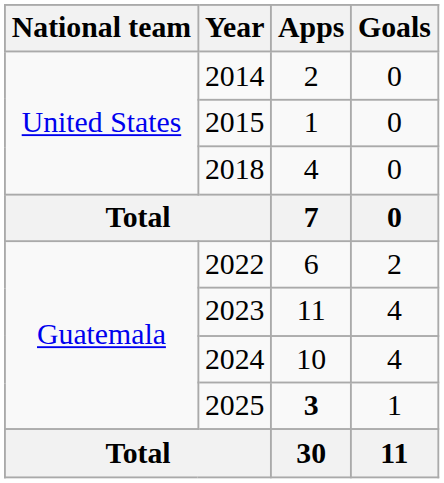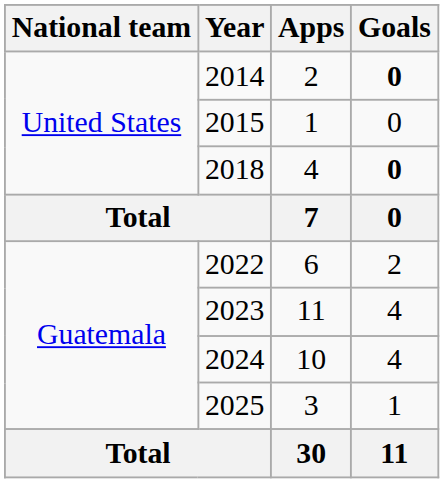 <table class="wikitable" style="text-align: center;">
 <tr>
 <th>National team</th>
 <th>Year</th>
 <th>Apps</th>
 <th>Goals</th>
 </tr>
 <tr>
 <td rowspan="3" valign="center"><a href='#'>United States</a></td>
 <td>2014</td>
 <td>2</td>
-<td>0</td>
+<td><strong>0</strong></td>
 </tr>
 <tr>
 <td>2015</td>
 <td>1</td>
 <td>0</td>
 </tr>
 <tr>
 <td>2018</td>
 <td>4</td>
-<td>0</td>
+<td><strong>0</strong></td>
 </tr>
 <tr>
 <th colspan="2">Total</th>
 <th>7</th>
 <th>0</th>
 </tr>
 <tr>
 <td rowspan="4" valign="center"><a href='#'>Guatemala</a></td>
 <td>2022</td>
 <td>6</td>
 <td>2</td>
 </tr>
 <tr>
 <td>2023</td>
 <td>11</td>
 <td>4</td>
 </tr>
 <tr>
 <td>2024</td>
 <td>10</td>
 <td>4</td>
 </tr>
 <tr>
 <td>2025</td>
-<td><strong>3</strong></td>
+<td>3</td>
 <td>1</td>
 </tr>
 <tr>
 <th colspan="2">Total</th>
 <th>30</th>
 <th>11</th>
 </tr>
 </table>
